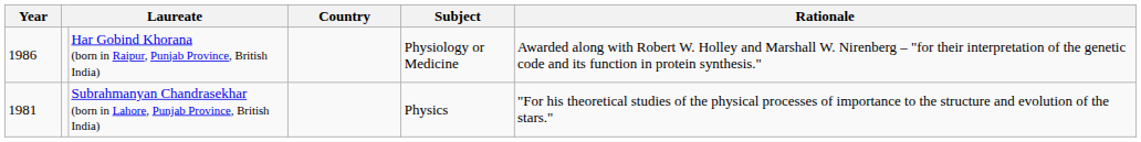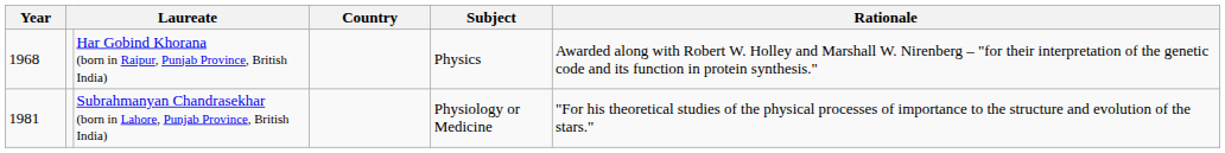 <table style="margin:auto;"  class="wikitable">
 <tr>
 <th style="width:5%;">Year</th>
 <th colspan="2" style="width:20%;">Laureate</th>
 <th style="width:10%;">Country</th>
 <th style="width:10%;">Subject</th>
 <th style="width:65%;">Rationale</th>
 </tr>
 <tr>
-<td>1986</td>
+<td>1968</td>
 <td></td>
 <td><a href='#'>Har Gobind Khorana</a> <br><small>(born in <a href='#'>Raipur</a>, <a href='#'>Punjab Province</a>, British India)</small></td>
 <td></td>
-<td>Physiology or Medicine</td>
+<td>Physics</td>
 <td>Awarded along with Robert W. Holley and Marshall W. Nirenberg – "for their interpretation of the genetic code and its function in protein synthesis."</td>
 </tr>
 <tr>
 <td>1981</td>
 <td></td>
 <td><a href='#'>Subrahmanyan Chandrasekhar</a><br><small>(born in <a href='#'>Lahore</a>, <a href='#'>Punjab Province</a>, British India)</small></td>
 <td></td>
-<td>Physics</td>
+<td>Physiology or Medicine</td>
 <td>"For his theoretical studies of the physical processes of importance to the structure and evolution of the stars."</td>
 </tr>
 </table>
